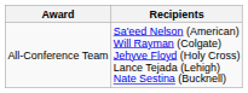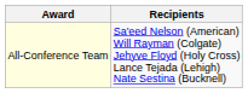 <table class="wikitable" style="white-space:nowrap; font-size:90%;">
 <tr>
 <th>Award</th>
 <th>Recipients</th>
 </tr>
 <tr>
-<td>All-Conference Team</td>
+<td style="background: lightyellow;">All-Conference Team</td>
 <td><a href='#'>Sa'eed Nelson</a> (American)<br> <a href='#'>Will Rayman</a> (Colgate)<br> <a href='#'>Jehyve Floyd</a> (Holy Cross)<br> Lance Tejada (Lehigh)<br> <a href='#'>Nate Sestina</a> (Bucknell)</td>
 </tr>
 </table>
